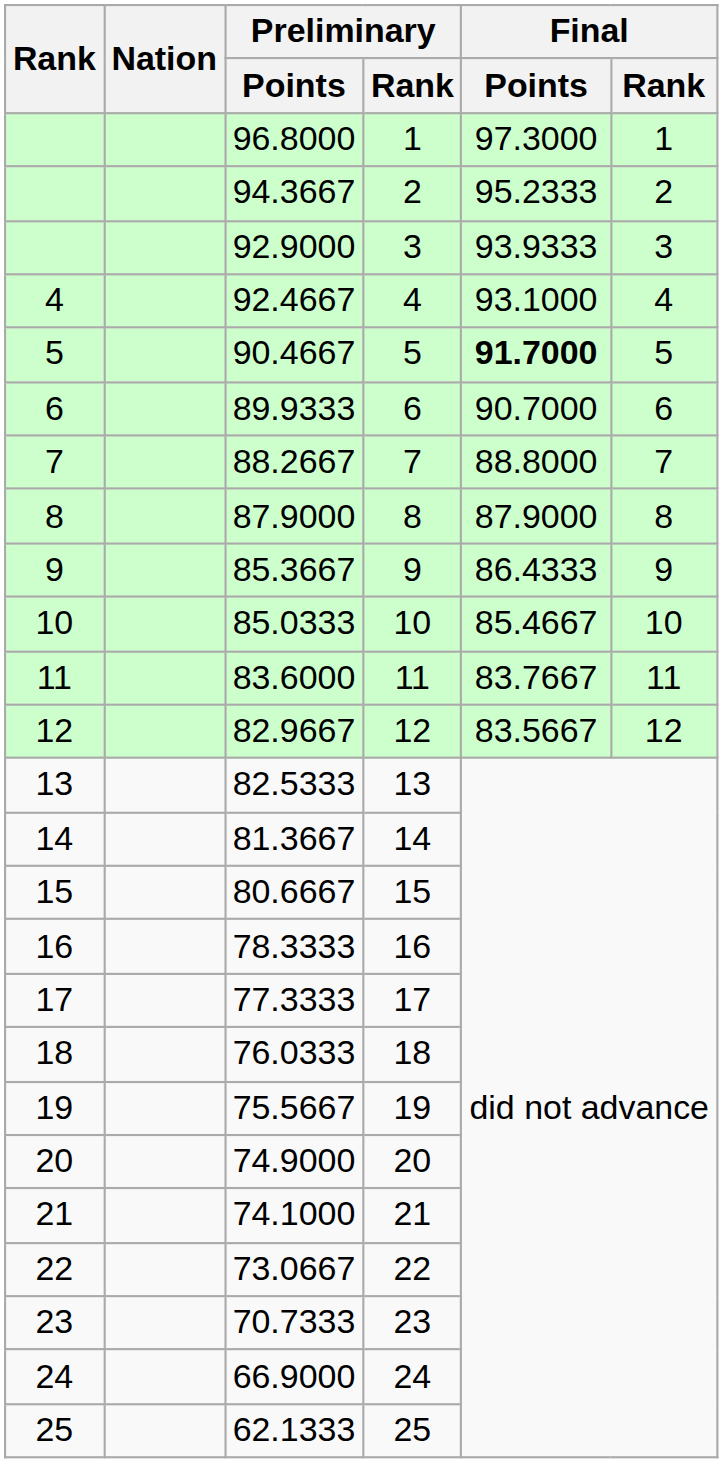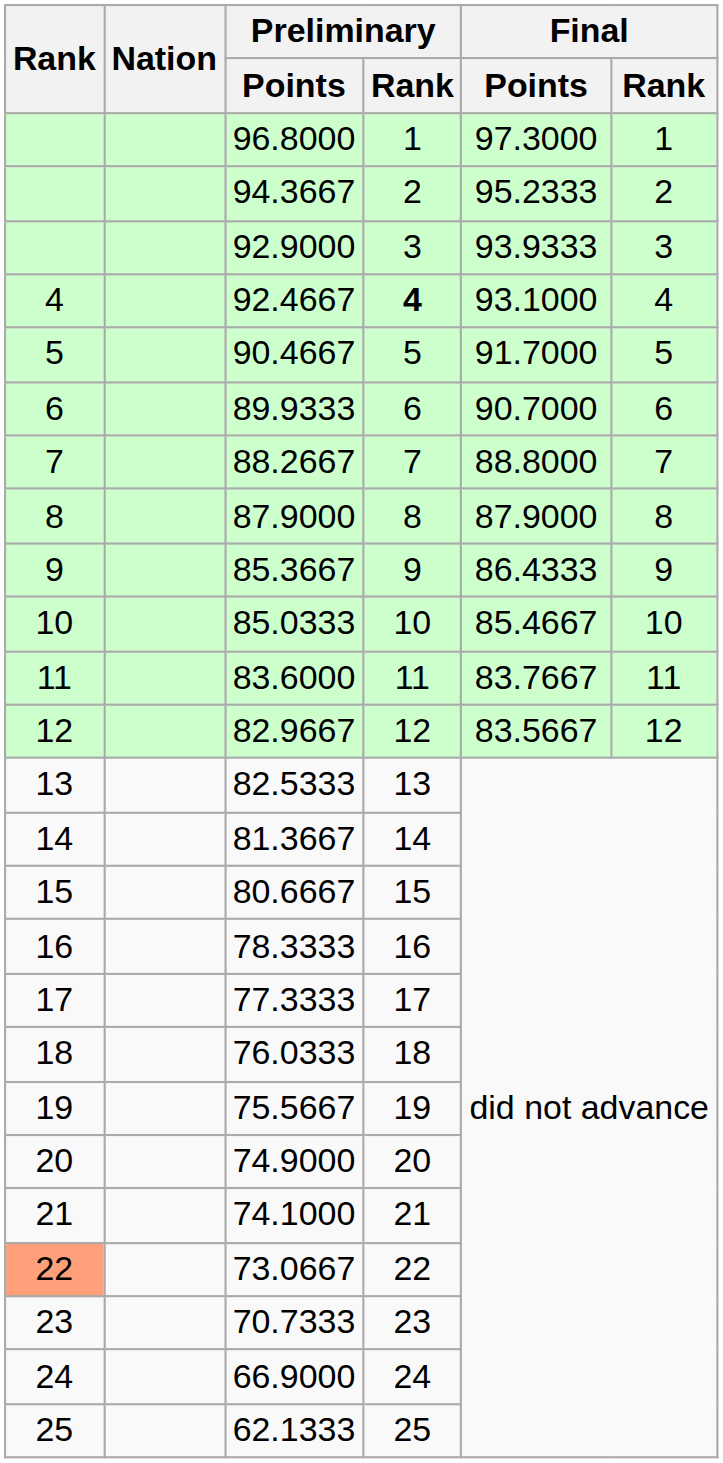 <table class="wikitable sortable" style="text-align:center">
 <tr>
 <th rowspan=2>Rank</th>
 <th rowspan=2>Nation</th>
 <th colspan=2>Preliminary</th>
 <th colspan=2>Final</th>
 </tr>
 <tr>
 <th>Points</th>
 <th>Rank</th>
 <th>Points</th>
 <th>Rank</th>
 </tr>
 <tr bgcolor=ccffcc>
 <td></td>
 <td align=left></td>
 <td>96.8000</td>
 <td>1</td>
 <td>97.3000</td>
 <td>1</td>
 </tr>
 <tr bgcolor=ccffcc>
 <td></td>
 <td align=left></td>
 <td>94.3667</td>
 <td>2</td>
 <td>95.2333</td>
 <td>2</td>
 </tr>
 <tr bgcolor=ccffcc>
 <td></td>
 <td align=left></td>
 <td>92.9000</td>
 <td>3</td>
 <td>93.9333</td>
 <td>3</td>
 </tr>
 <tr bgcolor=ccffcc>
 <td>4</td>
 <td align=left></td>
 <td>92.4667</td>
-<td>4</td>
+<td><strong>4</strong></td>
 <td>93.1000</td>
 <td>4</td>
 </tr>
 <tr bgcolor=ccffcc>
 <td>5</td>
 <td align=left></td>
 <td>90.4667</td>
 <td>5</td>
-<td><strong>91.7000</strong></td>
+<td>91.7000</td>
 <td>5</td>
 </tr>
 <tr bgcolor=ccffcc>
 <td>6</td>
 <td align=left></td>
 <td>89.9333</td>
 <td>6</td>
 <td>90.7000</td>
 <td>6</td>
 </tr>
 <tr bgcolor=ccffcc>
 <td>7</td>
 <td align=left></td>
 <td>88.2667</td>
 <td>7</td>
 <td>88.8000</td>
 <td>7</td>
 </tr>
 <tr bgcolor=ccffcc>
 <td>8</td>
 <td align=left></td>
 <td>87.9000</td>
 <td>8</td>
 <td>87.9000</td>
 <td>8</td>
 </tr>
 <tr bgcolor=ccffcc>
 <td>9</td>
 <td align=left></td>
 <td>85.3667</td>
 <td>9</td>
 <td>86.4333</td>
 <td>9</td>
 </tr>
 <tr bgcolor=ccffcc>
 <td>10</td>
 <td align=left></td>
 <td>85.0333</td>
 <td>10</td>
 <td>85.4667</td>
 <td>10</td>
 </tr>
 <tr bgcolor=ccffcc>
 <td>11</td>
 <td align=left></td>
 <td>83.6000</td>
 <td>11</td>
 <td>83.7667</td>
 <td>11</td>
 </tr>
 <tr bgcolor=ccffcc>
 <td>12</td>
 <td align=left></td>
 <td>82.9667</td>
 <td>12</td>
 <td>83.5667</td>
 <td>12</td>
 </tr>
 <tr>
 <td>13</td>
 <td align=left></td>
 <td>82.5333</td>
 <td>13</td>
 <td rowspan=13 colspan=2>did not advance</td>
 </tr>
 <tr>
 <td>14</td>
 <td align=left></td>
 <td>81.3667</td>
 <td>14</td>
 </tr>
 <tr>
 <td>15</td>
 <td align=left></td>
 <td>80.6667</td>
 <td>15</td>
 </tr>
 <tr>
 <td>16</td>
 <td align=left></td>
 <td>78.3333</td>
 <td>16</td>
 </tr>
 <tr>
 <td>17</td>
 <td align=left></td>
 <td>77.3333</td>
 <td>17</td>
 </tr>
 <tr>
 <td>18</td>
 <td align=left></td>
 <td>76.0333</td>
 <td>18</td>
 </tr>
 <tr>
 <td>19</td>
 <td align=left></td>
 <td>75.5667</td>
 <td>19</td>
 </tr>
 <tr>
 <td>20</td>
 <td align=left></td>
 <td>74.9000</td>
 <td>20</td>
 </tr>
 <tr>
 <td>21</td>
 <td align=left></td>
 <td>74.1000</td>
 <td>21</td>
 </tr>
 <tr>
-<td>22</td>
+<td style="background: lightsalmon;">22</td>
 <td align=left></td>
 <td>73.0667</td>
 <td>22</td>
 </tr>
 <tr>
 <td>23</td>
 <td align=left></td>
 <td>70.7333</td>
 <td>23</td>
 </tr>
 <tr>
 <td>24</td>
 <td align=left></td>
 <td>66.9000</td>
 <td>24</td>
 </tr>
 <tr>
 <td>25</td>
 <td align=left></td>
 <td>62.1333</td>
 <td>25</td>
 </tr>
 </table>
